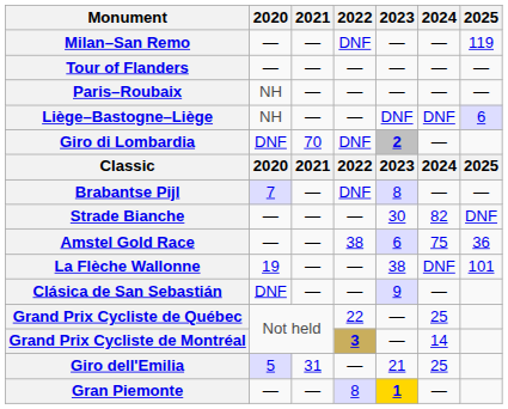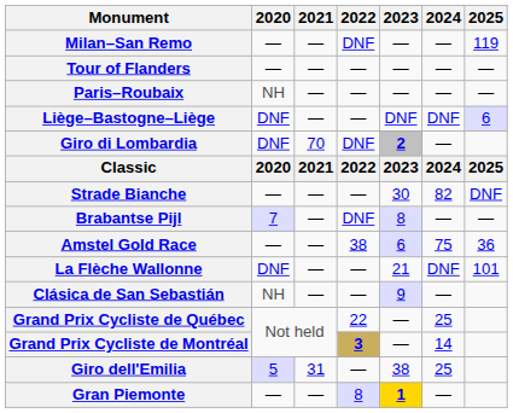 <table class="wikitable plainrowheaders">
 <tr>
 <th>Monument</th>
 <th scope="col">2020</th>
 <th scope="col">2021</th>
 <th scope="col">2022</th>
 <th scope="col">2023</th>
 <th scope="col">2024</th>
 <th scope="col">2025</th>
 </tr>
 <tr style="text-align:center;">
 <th scope="row"><a href='#'>Milan–San Remo</a></th>
 <td>—</td>
 <td>—</td>
 <td><a href='#'>DNF</a></td>
 <td>—</td>
 <td>—</td>
 <td><a href='#'>119</a></td>
 </tr>
 <tr style="text-align:center;">
 <th scope="row"><a href='#'>Tour of Flanders</a></th>
 <td>—</td>
 <td>—</td>
 <td>—</td>
 <td>—</td>
 <td>—</td>
 <td>—</td>
 </tr>
 <tr style="text-align:center;">
 <th scope="row"><a href='#'>Paris–Roubaix</a></th>
 <td style="color:#4d4d4d;">NH</td>
 <td>—</td>
 <td>—</td>
 <td>—</td>
 <td>—</td>
 <td>—</td>
 </tr>
 <tr style="text-align:center;">
 <th scope="row"><a href='#'>Liège–Bastogne–Liège</a></th>
-<td style="color:#4d4d4d;">NH</td>
+<td><a href='#'>DNF</a></td>
 <td>—</td>
 <td>—</td>
 <td><a href='#'>DNF</a></td>
 <td><a href='#'>DNF</a></td>
 <td style="background:#ddf;"><a href='#'>6</a></td>
 </tr>
 <tr style="text-align:center;">
 <th scope="row"><a href='#'>Giro di Lombardia</a></th>
 <td><a href='#'>DNF</a></td>
 <td><a href='#'>70</a></td>
 <td><a href='#'>DNF</a></td>
 <td style="background:silver;"><a href='#'><strong>2</strong></a></td>
 <td>—</td>
 <td></td>
 </tr>
 <tr>
 <th>Classic</th>
 <th scope="col">2020</th>
 <th scope="col">2021</th>
 <th scope="col">2022</th>
 <th scope="col">2023</th>
 <th scope="col">2024</th>
 <th scope="col">2025</th>
 </tr>
 <tr style="text-align:center;">
+<th scope="row"><a href='#'>Strade Bianche</a></th>
+<td>—</td>
+<td>—</td>
+<td>—</td>
+<td><a href='#'>30</a></td>
+<td><a href='#'>82</a></td>
+<td><a href='#'>DNF</a></td>
+</tr>
+<tr style="text-align:center;">
 <th scope="row"><a href='#'>Brabantse Pijl</a></th>
 <td style="background:#ddf;"><a href='#'>7</a></td>
 <td>—</td>
 <td><a href='#'>DNF</a></td>
 <td style="background:#ddf;"><a href='#'>8</a></td>
 <td>—</td>
 <td>—</td>
-</tr>
-<tr style="text-align:center;">
-<th scope="row"><a href='#'>Strade Bianche</a></th>
-<td>—</td>
-<td>—</td>
-<td>—</td>
-<td><a href='#'>30</a></td>
-<td><a href='#'>82</a></td>
-<td><a href='#'>DNF</a></td>
 </tr>
 <tr style="text-align:center;">
 <th scope="row"><a href='#'>Amstel Gold Race</a></th>
 <td>—</td>
 <td>—</td>
 <td><a href='#'>38</a></td>
 <td style="background:#ddf;"><a href='#'>6</a></td>
 <td><a href='#'>75</a></td>
 <td><a href='#'>36</a></td>
 </tr>
 <tr style="text-align:center;">
 <th scope="row"><a href='#'>La Flèche Wallonne</a></th>
-<td><a href='#'>19</a></td>
+<td><a href='#'>DNF</a></td>
 <td>—</td>
 <td>—</td>
-<td><a href='#'>38</a></td>
+<td><a href='#'>21</a></td>
 <td><a href='#'>DNF</a></td>
 <td><a href='#'>101</a></td>
 </tr>
 <tr style="text-align:center;">
 <th scope="row"><a href='#'>Clásica de San Sebastián</a></th>
-<td><a href='#'>DNF</a></td>
+<td style="color:#4d4d4d;">NH</td>
 <td>—</td>
 <td>—</td>
 <td style="background:#ddf;"><a href='#'>9</a></td>
 <td>—</td>
 <td></td>
 </tr>
 <tr style="text-align:center;">
 <th scope="row"><a href='#'>Grand Prix Cycliste de Québec</a></th>
 <td style="color:#4d4d4d;" rowspan=2 colspan=2>Not held</td>
 <td><a href='#'>22</a></td>
 <td>—</td>
 <td><a href='#'>25</a></td>
 <td></td>
 </tr>
 <tr style="text-align:center;">
 <th scope="row"><a href='#'>Grand Prix Cycliste de Montréal</a></th>
 <td style="background:#C9AE5D;"><a href='#'><strong>3</strong></a></td>
 <td>—</td>
 <td><a href='#'>14</a></td>
 <td></td>
 </tr>
 <tr style="text-align:center;">
 <th scope="row"><a href='#'>Giro dell'Emilia</a></th>
 <td style="background:#ddf;"><a href='#'>5</a></td>
 <td><a href='#'>31</a></td>
 <td>—</td>
-<td><a href='#'>21</a></td>
+<td><a href='#'>38</a></td>
 <td><a href='#'>25</a></td>
 <td></td>
 </tr>
 <tr style="text-align:center;">
 <th scope="row"><a href='#'>Gran Piemonte</a></th>
 <td>—</td>
 <td>—</td>
 <td style="background:#ddf;"><a href='#'>8</a></td>
 <td style="background:gold;"><a href='#'><strong>1</strong></a></td>
 <td>—</td>
 <td></td>
 </tr>
 </table>
